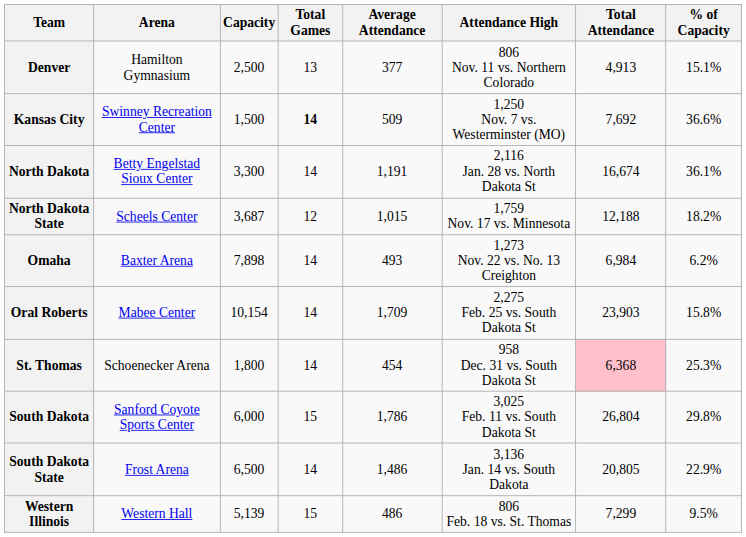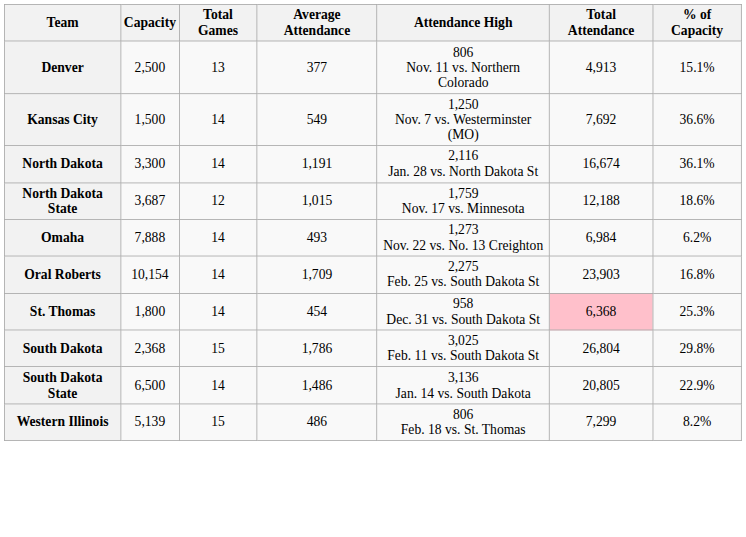 <table class="wikitable sortable" style="text-align:center">
 <tr>
 <th>Team</th>
-<th>Arena</th>
 <th>Capacity</th>
 <th>Total Games</th>
 <th>Average Attendance</th>
 <th>Attendance High</th>
 <th>Total Attendance</th>
 <th>% of Capacity</th>
 </tr>
 <tr>
 <th>Denver</th>
-<td>Hamilton Gymnasium</td>
 <td>2,500</td>
 <td>13</td>
 <td>377</td>
 <td>806<br>Nov. 11 vs. Northern Colorado</td>
 <td>4,913</td>
 <td>15.1%</td>
 </tr>
 <tr>
 <th>Kansas City</th>
-<td><a href='#'>Swinney Recreation Center</a></td>
 <td>1,500</td>
-<td><strong>14</strong></td>
-<td>509</td>
+<td>14</td>
+<td>549</td>
 <td>1,250<br>Nov. 7 vs. Westerminster (MO)</td>
 <td>7,692</td>
 <td>36.6%</td>
 </tr>
 <tr>
 <th>North Dakota</th>
-<td><a href='#'>Betty Engelstad Sioux Center</a></td>
 <td>3,300</td>
 <td>14</td>
 <td>1,191</td>
 <td>2,116<br>Jan. 28 vs. North Dakota St</td>
 <td>16,674</td>
 <td>36.1%</td>
 </tr>
 <tr>
 <th>North Dakota State</th>
-<td><a href='#'>Scheels Center</a></td>
 <td>3,687</td>
 <td>12</td>
 <td>1,015</td>
 <td>1,759<br>Nov. 17 vs. Minnesota</td>
 <td>12,188</td>
-<td>18.2%</td>
+<td>18.6%</td>
 </tr>
 <tr>
 <th>Omaha</th>
-<td><a href='#'>Baxter Arena</a></td>
-<td>7,898</td>
+<td>7,888</td>
 <td>14</td>
 <td>493</td>
 <td>1,273<br>Nov. 22 vs. No. 13 Creighton</td>
 <td>6,984</td>
 <td>6.2%</td>
 </tr>
 <tr>
 <th>Oral Roberts</th>
-<td><a href='#'>Mabee Center</a></td>
 <td>10,154</td>
 <td>14</td>
 <td>1,709</td>
 <td>2,275<br>Feb. 25 vs. South Dakota St</td>
 <td>23,903</td>
-<td>15.8%</td>
+<td>16.8%</td>
 </tr>
 <tr>
 <th>St. Thomas</th>
-<td>Schoenecker Arena</td>
 <td>1,800</td>
 <td>14</td>
 <td>454</td>
 <td>958<br>Dec. 31 vs. South Dakota St</td>
 <td style="background: pink;">6,368</td>
 <td>25.3%</td>
 </tr>
 <tr>
 <th>South Dakota</th>
-<td><a href='#'>Sanford Coyote Sports Center</a></td>
-<td>6,000</td>
+<td>2,368</td>
 <td>15</td>
 <td>1,786</td>
 <td>3,025<br>Feb. 11 vs. South Dakota St</td>
 <td>26,804</td>
 <td>29.8%</td>
 </tr>
 <tr>
 <th>South Dakota State</th>
-<td><a href='#'>Frost Arena</a></td>
 <td>6,500</td>
 <td>14</td>
 <td>1,486</td>
 <td>3,136<br>Jan. 14 vs. South Dakota</td>
 <td>20,805</td>
 <td>22.9%</td>
 </tr>
 <tr>
 <th>Western Illinois</th>
-<td><a href='#'>Western Hall</a></td>
 <td>5,139</td>
 <td>15</td>
 <td>486</td>
 <td>806<br>Feb. 18 vs. St. Thomas</td>
 <td>7,299</td>
-<td>9.5%</td>
+<td>8.2%</td>
 </tr>
 </table>
